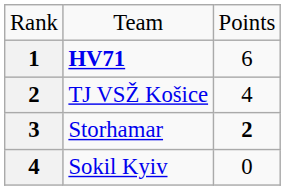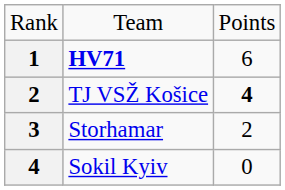 <table class="wikitable" style="text-align: center;">
 <tr>
 <td>Rank</td>
 <td>Team</td>
 <td>Points</td>
 </tr>
 <tr>
 <th>1</th>
 <td style="text-align: left;"> <strong><a href='#'>HV71</a></strong></td>
 <td>6</td>
 </tr>
 <tr>
 <th>2</th>
 <td style="text-align: left;"> <a href='#'>TJ VSŽ Košice</a></td>
-<td>4</td>
+<td><strong>4</strong></td>
 </tr>
 <tr>
 <th>3</th>
 <td style="text-align: left;"> <a href='#'>Storhamar</a></td>
-<td><strong>2</strong></td>
+<td>2</td>
 </tr>
 <tr>
 <th>4</th>
 <td style="text-align: left;"> <a href='#'>Sokil Kyiv</a></td>
 <td>0</td>
 </tr>
 </table>
